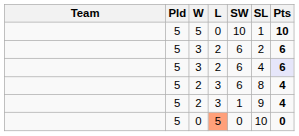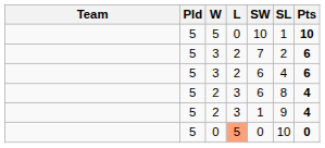 <table class=wikitable style="text-align:center">
 <tr>
 <th width=220>Team</th>
 <th width=20>Pld</th>
 <th width=20>W</th>
 <th width=20>L</th>
 <th width=20>SW</th>
 <th width=20>SL</th>
 <th width=20>Pts</th>
 </tr>
 <tr>
 <td align=left></td>
 <td>5</td>
 <td>5</td>
 <td>0</td>
 <td>10</td>
 <td>1</td>
 <td><strong>10</strong></td>
 </tr>
 <tr>
 <td align=left></td>
 <td>5</td>
 <td>3</td>
 <td>2</td>
-<td>6</td>
+<td>7</td>
 <td>2</td>
 <td><strong>6</strong></td>
 </tr>
 <tr>
 <td align=left></td>
 <td>5</td>
 <td>3</td>
 <td>2</td>
 <td>6</td>
 <td>4</td>
-<td style="background: lavender;"><strong>6</strong></td>
+<td><strong>6</strong></td>
 </tr>
 <tr>
 <td align=left></td>
 <td>5</td>
 <td>2</td>
 <td>3</td>
 <td>6</td>
 <td>8</td>
 <td><strong>4</strong></td>
 </tr>
 <tr>
 <td align=left></td>
 <td>5</td>
 <td>2</td>
 <td>3</td>
 <td>1</td>
 <td>9</td>
 <td><strong>4</strong></td>
 </tr>
 <tr>
 <td align=left></td>
 <td>5</td>
 <td>0</td>
 <td style="background: lightsalmon;">5</td>
 <td>0</td>
 <td>10</td>
 <td><strong>0</strong></td>
 </tr>
 </table>
